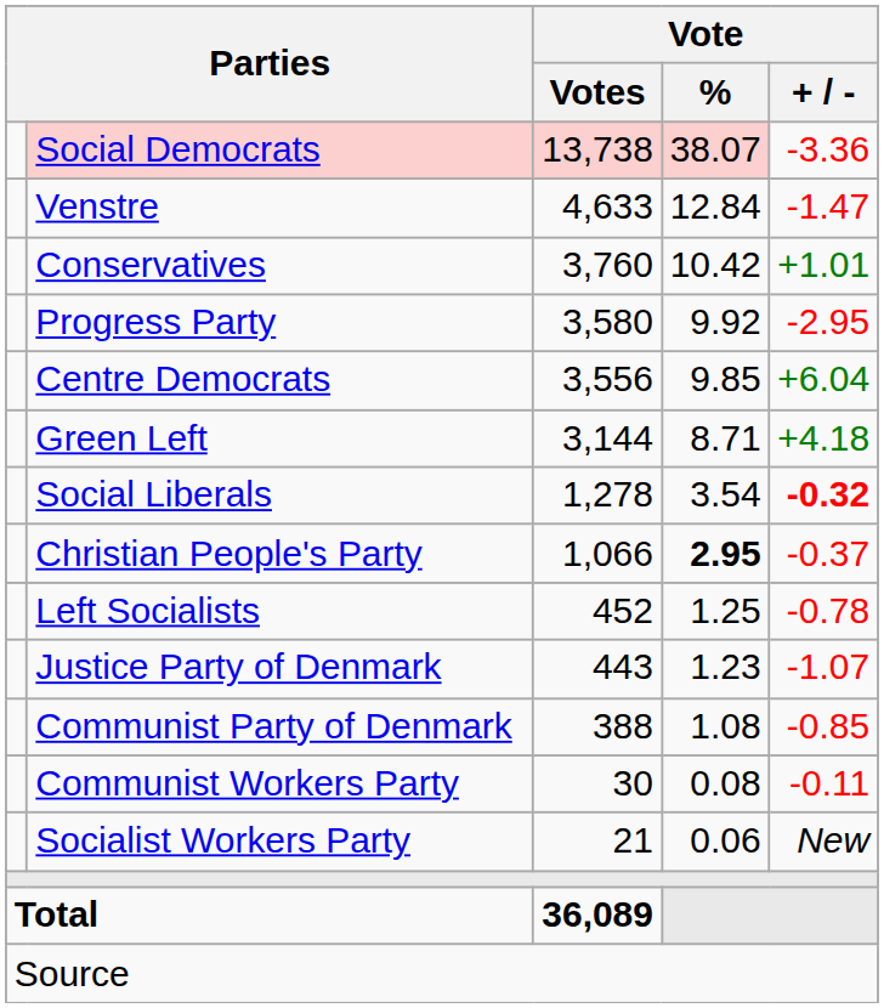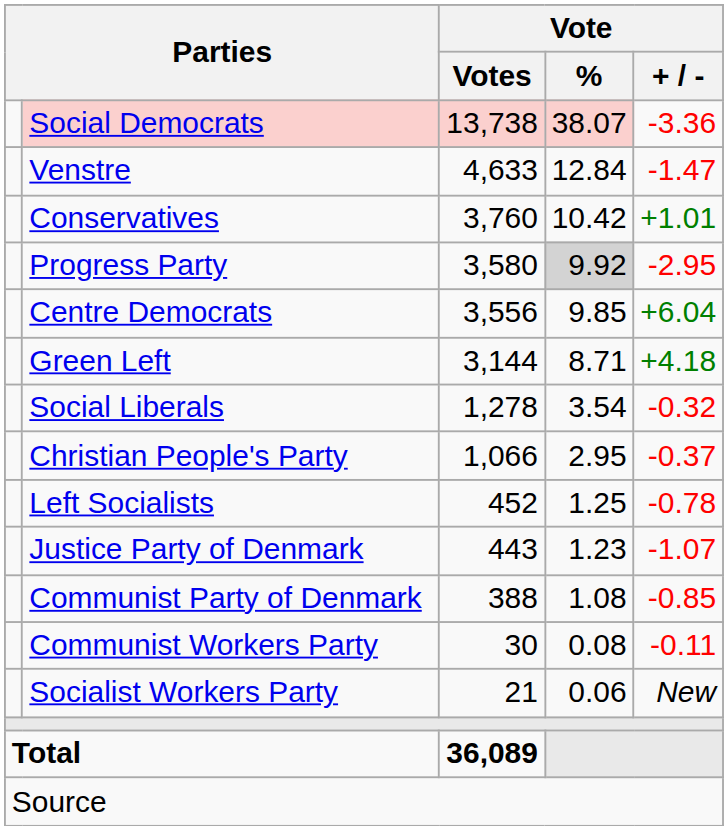 <table class="wikitable" style="text-align:right;">
 <tr>
 <th style="text-align:centre;" rowspan="2" colspan="2" width="225">Parties</th>
 <th colspan="3">Vote</th>
 </tr>
 <tr>
 <th width="15">Votes</th>
 <th width="15">%</th>
 <th width="15">+ / -</th>
 </tr>
 <tr>
 <td width="2" style="color:inherit;background:"></td>
 <td bgcolor=#fbd0ce  align="left"><a href='#'>Social Democrats</a></td>
 <td bgcolor=#fbd0ce>13,738</td>
 <td bgcolor=#fbd0ce>38.07</td>
 <td style=color:red;>-3.36</td>
 </tr>
 <tr>
 <td width="2" style="color:inherit;background:"></td>
 <td align="left"><a href='#'>Venstre</a></td>
 <td>4,633</td>
 <td>12.84</td>
 <td style=color:red;>-1.47</td>
 </tr>
 <tr>
 <td width="2" style="color:inherit;background:"></td>
 <td align="left"><a href='#'>Conservatives</a></td>
 <td>3,760</td>
 <td>10.42</td>
 <td style=color:green;>+1.01</td>
 </tr>
 <tr>
 <td width="2" style="color:inherit;background:"></td>
 <td align="left"><a href='#'>Progress Party</a></td>
 <td>3,580</td>
-<td>9.92</td>
+<td style="background: lightgrey;">9.92</td>
 <td style=color:red;>-2.95</td>
 </tr>
 <tr>
 <td width="2" style="color:inherit;background:"></td>
 <td align="left"><a href='#'>Centre Democrats</a></td>
 <td>3,556</td>
 <td>9.85</td>
 <td style=color:green;>+6.04</td>
 </tr>
 <tr>
 <td width="2" style="color:inherit;background:"></td>
 <td align="left"><a href='#'>Green Left</a></td>
 <td>3,144</td>
 <td>8.71</td>
 <td style=color:green;>+4.18</td>
 </tr>
 <tr>
 <td width="2" style="color:inherit;background:"></td>
 <td align="left"><a href='#'>Social Liberals</a></td>
 <td>1,278</td>
 <td>3.54</td>
-<td style=color:red;><strong>-0.32</strong></td>
+<td style=color:red;>-0.32</td>
 </tr>
 <tr>
 <td width="2" style="color:inherit;background:"></td>
 <td align="left"><a href='#'>Christian People's Party</a></td>
 <td>1,066</td>
-<td><strong>2.95</strong></td>
+<td>2.95</td>
 <td style=color:red;>-0.37</td>
 </tr>
 <tr>
 <td width="2" style="color:inherit;background:"></td>
 <td align="left"><a href='#'>Left Socialists</a></td>
 <td>452</td>
 <td>1.25</td>
 <td style=color:red;>-0.78</td>
 </tr>
 <tr>
 <td width="2" style="color:inherit;background:"></td>
 <td align="left"><a href='#'>Justice Party of Denmark</a></td>
 <td>443</td>
 <td>1.23</td>
 <td style=color:red;>-1.07</td>
 </tr>
 <tr>
 <td width="2" style="color:inherit;background:"></td>
 <td align="left"><a href='#'>Communist Party of Denmark</a></td>
 <td>388</td>
 <td>1.08</td>
 <td style=color:red;>-0.85</td>
 </tr>
 <tr>
 <td width="2" style="color:inherit;background:"></td>
 <td align="left"><a href='#'>Communist Workers Party</a></td>
 <td>30</td>
 <td>0.08</td>
 <td style=color:red;>-0.11</td>
 </tr>
 <tr>
 <td width="2" style="color:inherit;background:"></td>
 <td align="left"><a href='#'>Socialist Workers Party</a></td>
 <td>21</td>
 <td>0.06</td>
 <td><em>New</em></td>
 </tr>
 <tr>
 <td colspan="7" bgcolor="#E9E9E9"></td>
 </tr>
 <tr>
 <td align="left" colspan="2"><strong>Total</strong></td>
 <td><strong>36,089</strong></td>
 <td bgcolor="#E9E9E9" colspan="2"></td>
 </tr>
 <tr>
 <td align="left" colspan="6">Source</td>
 </tr>
 </table>
